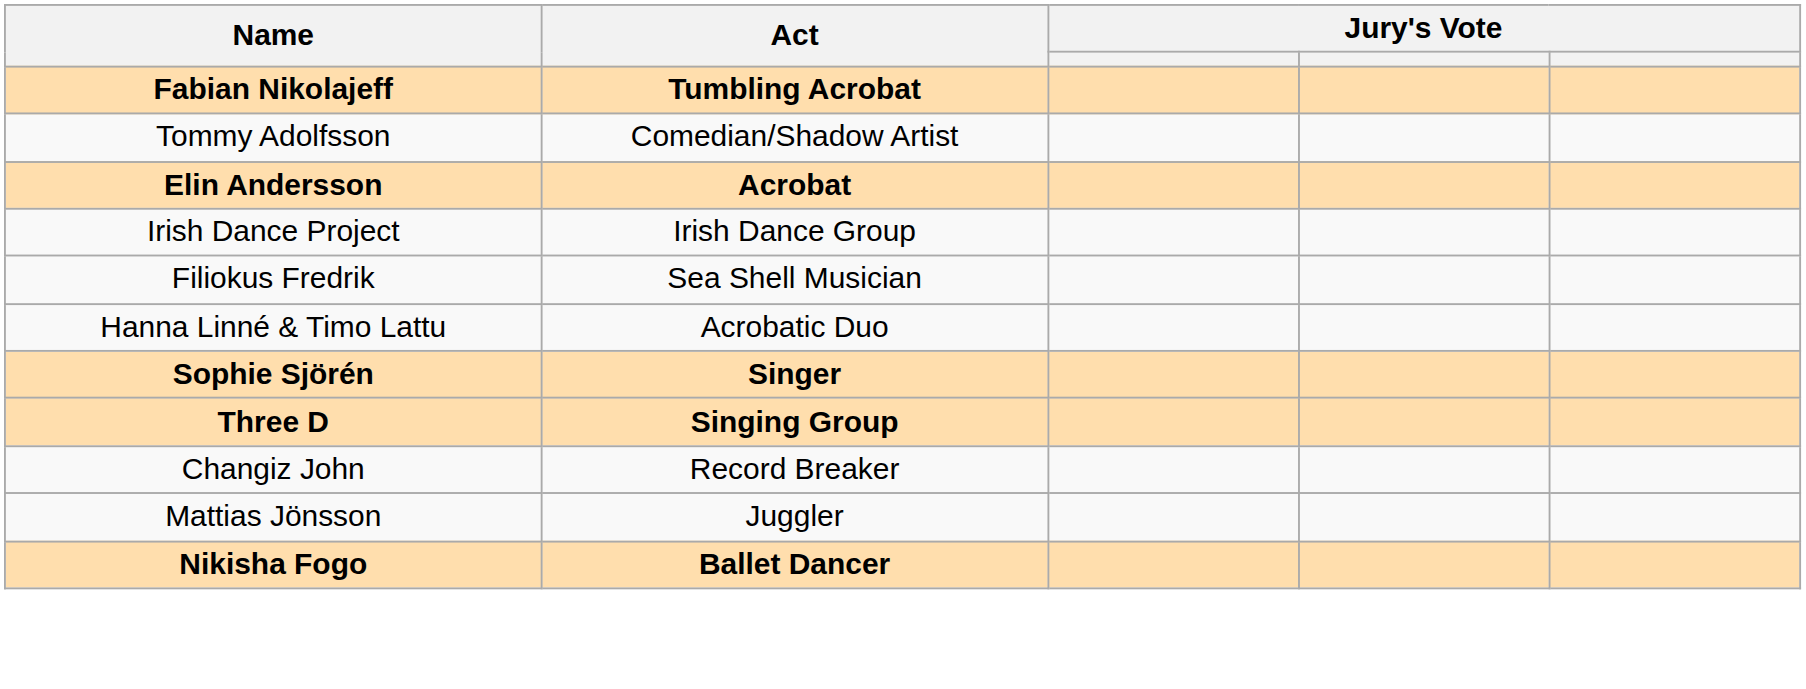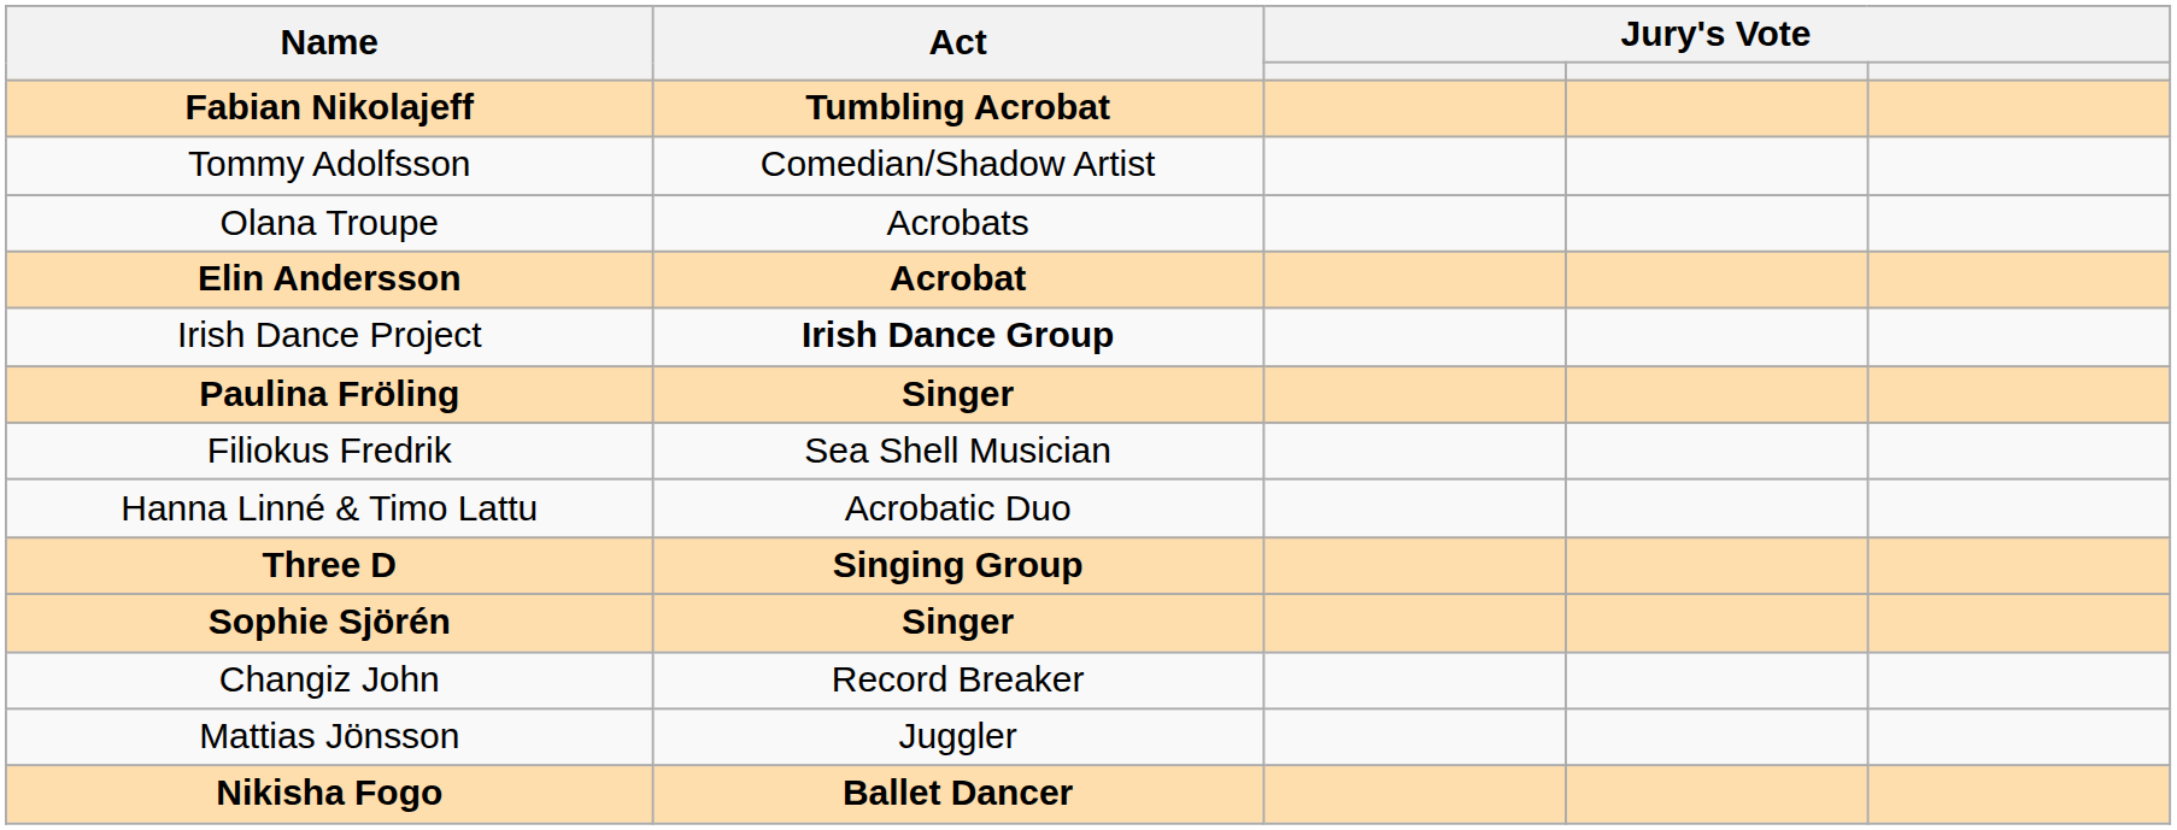 <table class="wikitable plainrowheaders sortable" style="text-align:center" width="76%;">
 <tr>
 <th scope="col" rowspan="2" class="unsortable" style="width:17em;">Name</th>
 <th scope="col" rowspan="2" class="unsortable" style="width:16em;">Act</th>
 <th scope="col" colspan="3" class="unsortable" style="width:24em;">Jury's Vote</th>
 </tr>
 <tr>
 <th scope="col" class="unsortable" style="width:6em;"></th>
 <th scope="col" class="unsortable" style="width:6em;"></th>
 <th scope="col" class="unsortable" style="width:6em;"></th>
 </tr>
 <tr style="background:NavajoWhite">
 <td><strong>Fabian Nikolajeff</strong></td>
 <td><strong>Tumbling Acrobat</strong></td>
 <td style="text-align:center;"></td>
 <td style="text-align:center;"></td>
 <td style="text-align:center;"></td>
 </tr>
 <tr>
 <td>Tommy Adolfsson</td>
 <td>Comedian/Shadow Artist</td>
 <td style="text-align:center;"></td>
 <td style="text-align:center;"></td>
 <td style="text-align:center;"></td>
 </tr>
+<tr>
+<td>Olana Troupe</td>
+<td>Acrobats</td>
+<td style="text-align:center;"></td>
+<td style="text-align:center;"></td>
+<td style="text-align:center;"></td>
+</tr>
 <tr style="background:NavajoWhite">
 <td><strong>Elin Andersson</strong></td>
 <td><strong>Acrobat</strong></td>
 <td style="text-align:center;"></td>
 <td style="text-align:center;"></td>
 <td style="text-align:center;"></td>
 </tr>
 <tr>
 <td>Irish Dance Project</td>
-<td>Irish Dance Group</td>
+<td><strong>Irish Dance Group</strong></td>
+<td style="text-align:center;"></td>
+<td style="text-align:center;"></td>
+<td style="text-align:center;"></td>
+</tr>
+<tr style="background:NavajoWhite">
+<td><strong>Paulina Fröling</strong></td>
+<td><strong>Singer</strong></td>
 <td style="text-align:center;"></td>
 <td style="text-align:center;"></td>
 <td style="text-align:center;"></td>
 </tr>
 <tr>
 <td>Filiokus Fredrik</td>
 <td>Sea Shell Musician</td>
 <td style="text-align:center;"></td>
 <td style="text-align:center;"></td>
 <td style="text-align:center;"></td>
 </tr>
 <tr>
 <td>Hanna Linné & Timo Lattu</td>
 <td>Acrobatic Duo</td>
 <td style="text-align:center;"></td>
 <td style="text-align:center;"></td>
 <td style="text-align:center;"></td>
 </tr>
 <tr style="background:NavajoWhite">
-<td><strong>Sophie Sjörén</strong></td>
-<td><strong>Singer</strong></td>
+<td><strong>Three D</strong></td>
+<td><strong>Singing Group</strong></td>
 <td style="text-align:center;"></td>
 <td style="text-align:center;"></td>
 <td style="text-align:center;"></td>
 </tr>
 <tr style="background:NavajoWhite">
-<td><strong>Three D</strong></td>
-<td><strong>Singing Group</strong></td>
+<td><strong>Sophie Sjörén</strong></td>
+<td><strong>Singer</strong></td>
 <td style="text-align:center;"></td>
 <td style="text-align:center;"></td>
 <td style="text-align:center;"></td>
 </tr>
 <tr>
 <td>Changiz John</td>
 <td>Record Breaker</td>
 <td style="text-align:center;"></td>
 <td style="text-align:center;"></td>
 <td style="text-align:center;"></td>
 </tr>
 <tr>
 <td>Mattias Jönsson</td>
 <td>Juggler</td>
 <td style="text-align:center;"></td>
 <td style="text-align:center;"></td>
 <td style="text-align:center;"></td>
 </tr>
 <tr style="background:NavajoWhite">
 <td><strong>Nikisha Fogo</strong></td>
 <td><strong>Ballet Dancer</strong></td>
 <td style="text-align:center;"></td>
 <td style="text-align:center;"></td>
 <td style="text-align:center;"></td>
 </tr>
 </table>
